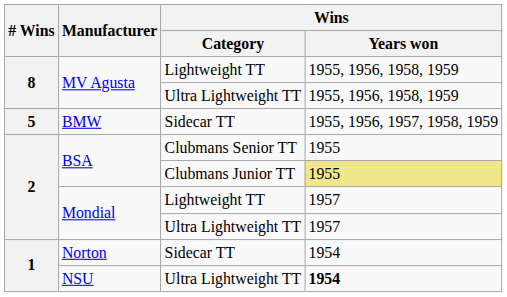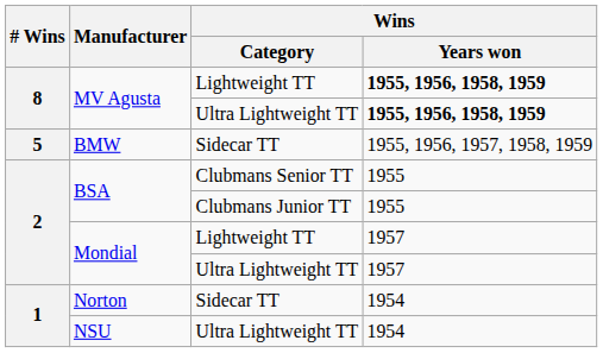 <table class="wikitable" style="font-size: 95%;">
 <tr>
 <th rowspan=2># Wins</th>
 <th rowspan=2>Manufacturer</th>
 <th colspan=2>Wins</th>
 </tr>
 <tr>
 <th>Category</th>
 <th>Years won</th>
 </tr>
 <tr>
 <th rowspan=2>8</th>
 <td rowspan=2> <a href='#'>MV Agusta</a></td>
 <td>Lightweight TT</td>
-<td>1955, 1956, 1958, 1959</td>
+<td><strong>1955, 1956, 1958, 1959</strong></td>
 </tr>
 <tr>
 <td>Ultra Lightweight TT</td>
-<td>1955, 1956, 1958, 1959</td>
+<td><strong>1955, 1956, 1958, 1959</strong></td>
 </tr>
 <tr>
 <th>5</th>
 <td> <a href='#'>BMW</a></td>
 <td>Sidecar TT</td>
 <td>1955, 1956, 1957, 1958, 1959</td>
 </tr>
 <tr>
 <th rowspan=4>2</th>
 <td rowspan=2> <a href='#'>BSA</a></td>
 <td>Clubmans Senior TT</td>
 <td>1955</td>
 </tr>
 <tr>
 <td>Clubmans Junior TT</td>
-<td style="background: khaki;">1955</td>
+<td>1955</td>
 </tr>
 <tr>
 <td rowspan=2> <a href='#'>Mondial</a></td>
 <td>Lightweight TT</td>
 <td>1957</td>
 </tr>
 <tr>
 <td>Ultra Lightweight TT</td>
 <td>1957</td>
 </tr>
 <tr>
 <th rowspan=2>1</th>
 <td> <a href='#'>Norton</a></td>
 <td>Sidecar TT</td>
 <td>1954</td>
 </tr>
 <tr>
 <td> <a href='#'>NSU</a></td>
 <td>Ultra Lightweight TT</td>
-<td><strong>1954</strong></td>
+<td>1954</td>
 </tr>
 </table>
